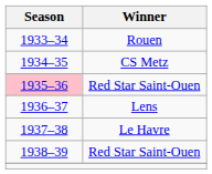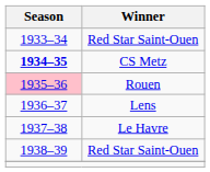 <table class="wikitable" style="text-align:center;margin-left:1em;font-size:90%;float:right">
 <tr>
 <th width="75">Season</th>
 <th width="125">Winner</th>
 </tr>
 <tr>
 <td align="center"><a href='#'>1933–34</a></td>
-<td><a href='#'>Rouen</a></td>
+<td><a href='#'>Red Star Saint-Ouen</a></td>
 </tr>
 <tr>
-<td align="center"><a href='#'>1934–35</a></td>
+<td align="center"><strong><a href='#'>1934–35</a></strong></td>
 <td><a href='#'>CS Metz</a></td>
 </tr>
 <tr>
 <td align="center" style="background: pink;"><a href='#'>1935–36</a></td>
-<td><a href='#'>Red Star Saint-Ouen</a></td>
+<td><a href='#'>Rouen</a></td>
 </tr>
 <tr>
 <td align="center"><a href='#'>1936–37</a></td>
 <td><a href='#'>Lens</a></td>
 </tr>
 <tr>
 <td align="center"><a href='#'>1937–38</a></td>
 <td><a href='#'>Le Havre</a></td>
 </tr>
 <tr>
 <td align="center"><a href='#'>1938–39</a></td>
 <td><a href='#'>Red Star Saint-Ouen</a></td>
 </tr>
 <tr>
 </tr>
 <tr>
 <td align="center" colspan=2></td>
 </tr>
 </table>
